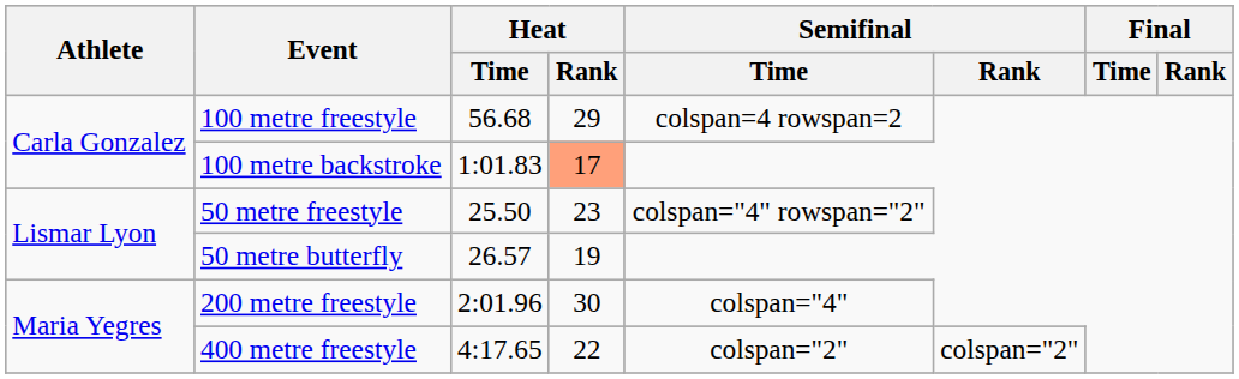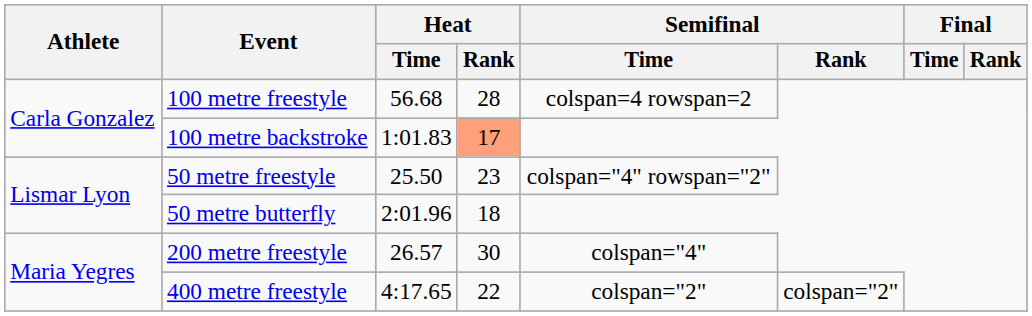 <table class="wikitable" style="text-align:center; font-size:90%; width:50%;">
 <tr>
 <th rowspan="2">Athlete</th>
 <th rowspan="2">Event</th>
 <th colspan="2">Heat</th>
 <th colspan="2">Semifinal</th>
 <th colspan="2">Final</th>
 </tr>
 <tr style="font-size:95%">
 <th>Time</th>
 <th>Rank</th>
 <th>Time</th>
 <th>Rank</th>
 <th>Time</th>
 <th>Rank</th>
 </tr>
 <tr align=center>
 <td align=left rowspan="2"><a href='#'>Carla Gonzalez</a></td>
 <td align=left><a href='#'>100 metre freestyle</a></td>
 <td>56.68</td>
-<td>29</td>
+<td>28</td>
 <td>colspan=4 rowspan=2 </td>
 </tr>
 <tr align=center>
 <td align=left><a href='#'>100 metre backstroke</a></td>
 <td>1:01.83</td>
 <td style="background: lightsalmon;">17</td>
 </tr>
 <tr align=center>
 <td align=left rowspan="2"><a href='#'>Lismar Lyon</a></td>
 <td align=left><a href='#'>50 metre freestyle</a></td>
 <td>25.50</td>
 <td>23</td>
 <td>colspan="4"  rowspan="2"</td>
 </tr>
 <tr align=center>
 <td align=left><a href='#'>50 metre butterfly</a></td>
-<td>26.57</td>
-<td>19</td>
+<td>2:01.96</td>
+<td>18</td>
 </tr>
 <tr align=center>
 <td align=left rowspan="2"><a href='#'>Maria Yegres</a></td>
 <td align=left><a href='#'>200 metre freestyle</a></td>
-<td>2:01.96</td>
+<td>26.57</td>
 <td>30</td>
 <td>colspan="4" </td>
 </tr>
 <tr align=center>
 <td align=left><a href='#'>400 metre freestyle</a></td>
 <td>4:17.65</td>
 <td>22</td>
 <td>colspan="2" </td>
 <td>colspan="2" </td>
 </tr>
 </table>
